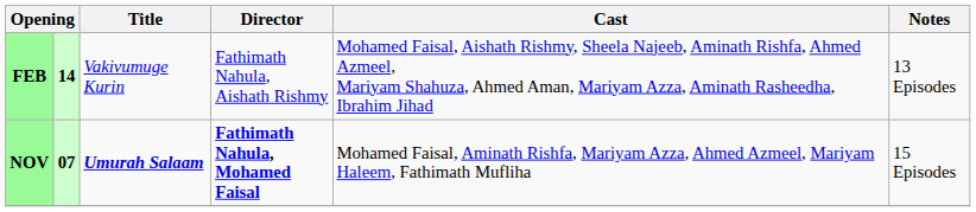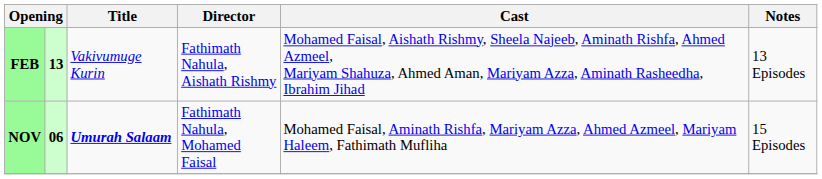 <table class="wikitable plainrowheaders" width="100%">
 <tr>
 <th scope="col" colspan="2" width=4%>Opening</th>
 <th scope="col" width=13%>Title</th>
 <th scope="col" width=12%>Director</th>
 <th scope="col" width=55%>Cast</th>
 <th scope="col" width=8%>Notes</th>
 </tr>
 <tr>
 <td style="text-align:center; background:#98fb98; textcolor:#000;"><strong>FEB</strong></td>
-<td style="text-align:center; textcolor:#000; background:#cdfecd;"><strong>14</strong></td>
+<td style="text-align:center; textcolor:#000; background:#cdfecd;"><strong>13</strong></td>
 <td><em><a href='#'>Vakivumuge Kurin</a></em></td>
 <td><a href='#'>Fathimath Nahula</a>,<br><a href='#'>Aishath Rishmy</a></td>
 <td><a href='#'>Mohamed Faisal</a>, <a href='#'>Aishath Rishmy</a>, <a href='#'>Sheela Najeeb</a>, <a href='#'>Aminath Rishfa</a>, <a href='#'>Ahmed Azmeel</a>,<br><a href='#'>Mariyam Shahuza</a>, Ahmed Aman, <a href='#'>Mariyam Azza</a>, <a href='#'>Aminath Rasheedha</a>, <a href='#'>Ibrahim Jihad</a></td>
 <td>13 Episodes</td>
 </tr>
 <tr>
 <td style="text-align:center; background:#98fb98; textcolor:#000;"><strong>NOV</strong></td>
-<td style="text-align:center; textcolor:#000; background:#cdfecd;"><strong>07</strong></td>
+<td style="text-align:center; textcolor:#000; background:#cdfecd;"><strong>06</strong></td>
 <td><strong><em><a href='#'>Umurah Salaam</a></em></strong></td>
-<td><strong><a href='#'>Fathimath Nahula</a>,<br><a href='#'>Mohamed Faisal</a></strong></td>
+<td><a href='#'>Fathimath Nahula</a>,<br><a href='#'>Mohamed Faisal</a></td>
 <td>Mohamed Faisal, <a href='#'>Aminath Rishfa</a>, <a href='#'>Mariyam Azza</a>, <a href='#'>Ahmed Azmeel</a>, <a href='#'>Mariyam Haleem</a>, Fathimath Mufliha</td>
 <td>15 Episodes</td>
 </tr>
 <tr>
 </tr>
 </table>
